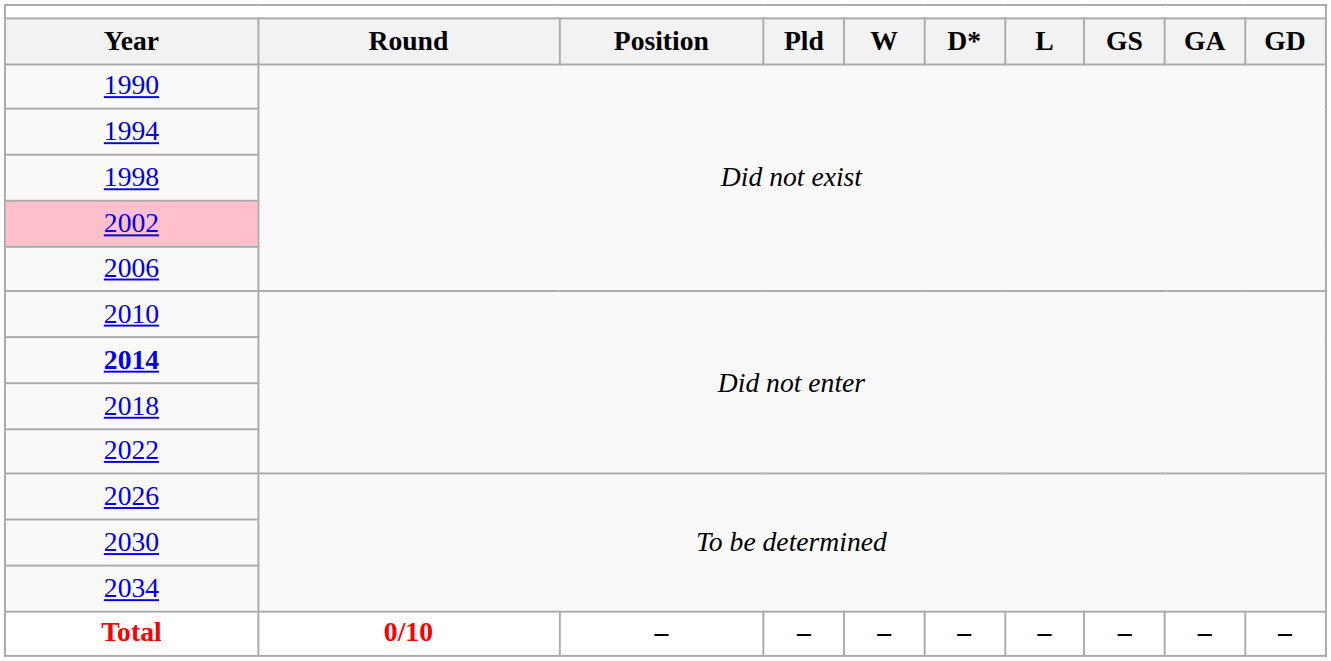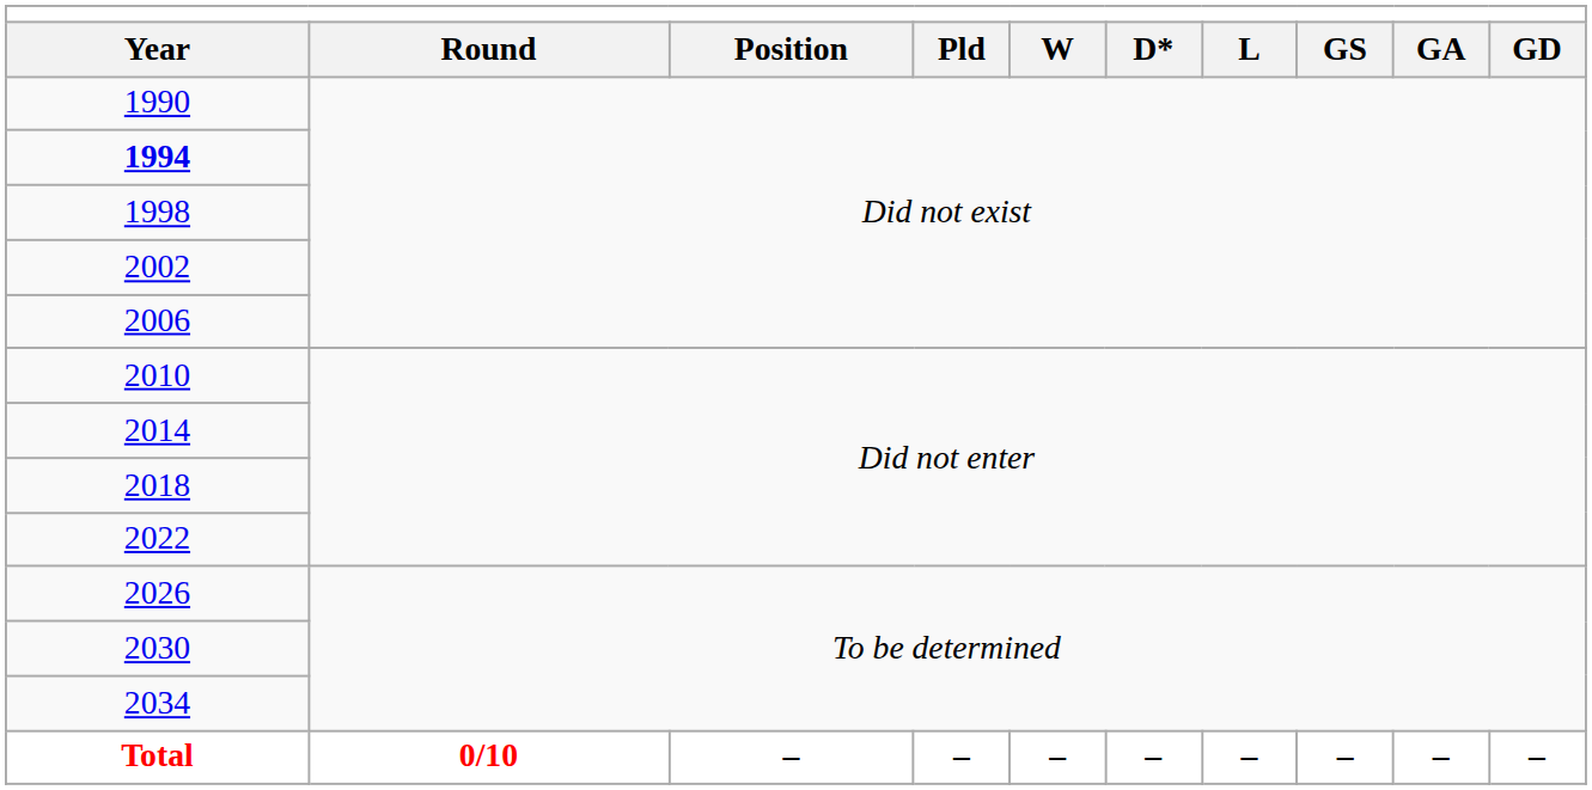 <table class="wikitable" style="text-align: center;font-size:90%;">
 <tr>
 <th colspan="10" style="background: #FFFFFF; color: red;"><a href='#'></a></th>
 </tr>
 <tr>
 <th width=125>Year</th>
 <th width=150>Round</th>
 <th width=100>Position</th>
 <th width=35>Pld</th>
 <th width=35>W</th>
 <th width=35>D*</th>
 <th width=35>L</th>
 <th width=35>GS</th>
 <th width=35>GA</th>
 <th width=35>GD</th>
 </tr>
 <tr>
 <td> <a href='#'>1990</a></td>
 <td colspan=9 rowspan=5><em>Did not exist</em></td>
 </tr>
 <tr>
-<td> <a href='#'>1994</a></td>
+<td><strong> <a href='#'>1994</a></strong></td>
 </tr>
 <tr>
 <td> <a href='#'>1998</a></td>
 </tr>
 <tr>
-<td style="background: pink;"> <a href='#'>2002</a></td>
+<td> <a href='#'>2002</a></td>
 </tr>
 <tr>
 <td> <a href='#'>2006</a></td>
 </tr>
 <tr>
 <td> <a href='#'>2010</a></td>
 <td colspan=9 rowspan=4><em>Did not enter</em></td>
 </tr>
 <tr>
-<td><strong> <a href='#'>2014</a></strong></td>
+<td> <a href='#'>2014</a></td>
 </tr>
 <tr>
 <td> <a href='#'>2018</a></td>
 </tr>
 <tr>
 <td> <a href='#'>2022</a></td>
 </tr>
 <tr>
 <td> <a href='#'>2026</a></td>
 <td colspan="9" rowspan="3"><em>To be determined</em></td>
 </tr>
 <tr>
 <td> <a href='#'>2030</a></td>
 </tr>
 <tr>
 <td> <a href='#'>2034</a></td>
 </tr>
 <tr>
 <td colspan=1 style="background: #FFFFFF; color: red;"><strong>Total</strong></td>
 <td style="background: #FFFFFF; color: red;"><strong>0/10</strong></td>
 <td style="background: #FFFFFF; color: #red;"><strong>–</strong></td>
 <td style="background: #FFFFFF; color: #red;"><strong>–</strong></td>
 <td style="background: #FFFFFF; color: #red;"><strong>–</strong></td>
 <td style="background: #FFFFFF; color: #red;"><strong>–</strong></td>
 <td style="background: #FFFFFF; color: #red;"><strong>–</strong></td>
 <td style="background: #FFFFFF; color: #red;"><strong>–</strong></td>
 <td style="background: #FFFFFF; color: #red;"><strong>–</strong></td>
 <td style="background: #FFFFFF; color: #red;"><strong>–</strong></td>
 </tr>
 </table>
